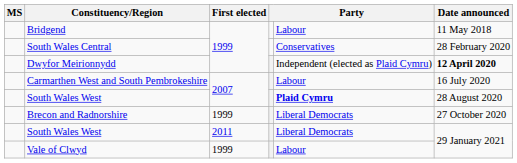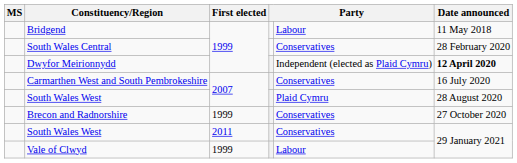 <table class="wikitable" style="text-align:left; font-size:95%; margin-bottom:0">
 <tr>
 <th scope="col">MS</th>
 <th scope="col">Constituency/Region</th>
 <th scope="col">First elected</th>
 <th colspan="2" scope="col">Party</th>
 <th scope="col">Date announced</th>
 </tr>
 <tr>
 <td></td>
 <td><a href='#'>Bridgend</a></td>
 <td rowspan="3"><a href='#'>1999</a></td>
 <td style="background:"></td>
 <td><a href='#'>Labour</a></td>
 <td>11 May 2018</td>
 </tr>
 <tr>
 <td></td>
 <td><a href='#'>South Wales Central</a></td>
 <td style="background:"></td>
 <td><a href='#'>Conservatives</a></td>
 <td>28 February 2020</td>
 </tr>
 <tr>
 <td></td>
 <td><a href='#'>Dwyfor Meirionnydd</a></td>
 <th style="background-color: "></th>
 <td>Independent (elected as <a href='#'>Plaid Cymru</a>)</td>
 <td><strong>12 April 2020</strong></td>
 </tr>
 <tr>
 <td></td>
 <td><a href='#'>Carmarthen West and South Pembrokeshire</a></td>
 <td rowspan="2"><a href='#'>2007</a></td>
 <th style="background-color: "></th>
-<td><a href='#'>Labour</a></td>
+<td><a href='#'>Conservatives</a></td>
 <td>16 July 2020</td>
 </tr>
 <tr>
 <td></td>
 <td><a href='#'>South Wales West</a></td>
 <th style="background-color: "></th>
-<td><strong><a href='#'>Plaid Cymru</a></strong></td>
+<td><a href='#'>Plaid Cymru</a></td>
 <td>28 August 2020</td>
 </tr>
 <tr>
 <td></td>
 <td><a href='#'>Brecon and Radnorshire</a></td>
 <td>1999</td>
 <th style="background-color: "></th>
-<td><a href='#'>Liberal Democrats</a></td>
+<td><a href='#'>Conservatives</a></td>
 <td>27 October 2020</td>
 </tr>
 <tr>
 <td></td>
 <td><a href='#'>South Wales West</a></td>
 <td><a href='#'>2011</a></td>
 <th style="background-color: "></th>
-<td><a href='#'>Liberal Democrats</a></td>
+<td><a href='#'>Conservatives</a></td>
 <td rowspan="2">29 January 2021</td>
 </tr>
 <tr>
 <td></td>
 <td><a href='#'>Vale of Clwyd</a></td>
 <td>1999</td>
 <th style="background-color: "></th>
 <td><a href='#'>Labour</a></td>
 </tr>
 </table>
